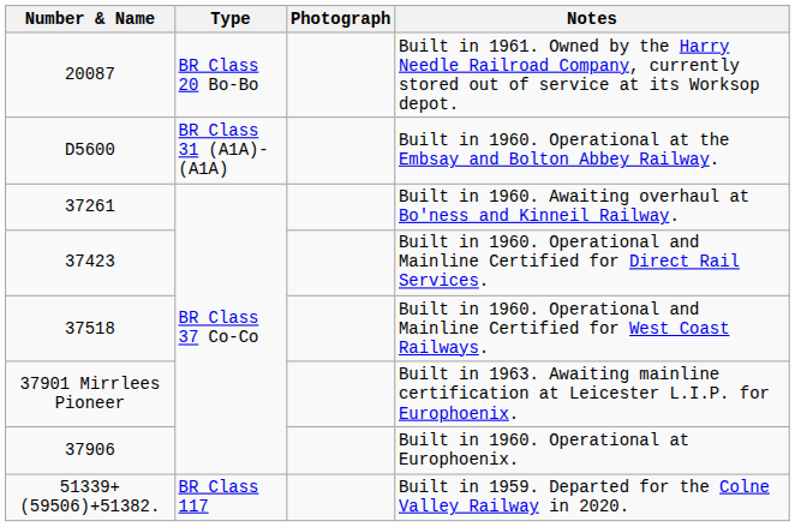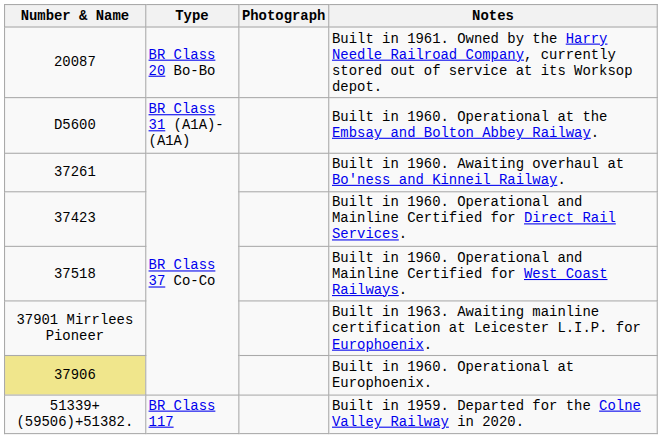 <table class="wikitable">
 <tr>
 <th>Number & Name</th>
 <th>Type</th>
 <th>Photograph</th>
 <th>Notes</th>
 </tr>
 <tr>
 <td align="center">20087</td>
 <td><a href='#'>BR Class 20</a> Bo-Bo</td>
 <td></td>
 <td>Built in 1961. Owned by the <a href='#'>Harry Needle Railroad Company</a>, currently stored out of service at its Worksop depot.</td>
 </tr>
 <tr>
 <td align="center">D5600</td>
 <td><a href='#'>BR Class 31</a> 	(A1A)-(A1A)</td>
 <td></td>
 <td>Built in 1960. Operational at the <a href='#'>Embsay and Bolton Abbey Railway</a>.</td>
 </tr>
 <tr>
 <td align="center">37261</td>
 <td rowspan="5"><a href='#'>BR Class 37</a> Co-Co</td>
 <td></td>
 <td>Built in 1960. Awaiting overhaul at <a href='#'>Bo'ness and Kinneil Railway</a>.</td>
 </tr>
 <tr>
 <td align="center">37423</td>
 <td></td>
 <td>Built in 1960. Operational and Mainline Certified for <a href='#'>Direct Rail Services</a>.</td>
 </tr>
 <tr>
 <td align="center">37518</td>
 <td></td>
 <td>Built in 1960. Operational and Mainline Certified for <a href='#'>West Coast Railways</a>.</td>
 </tr>
 <tr>
 <td align="center">37901 Mirrlees Pioneer</td>
 <td></td>
 <td>Built in 1963. Awaiting mainline certification at Leicester L.I.P. for <a href='#'>Europhoenix</a>.</td>
 </tr>
 <tr>
-<td align="center">37906</td>
+<td align="center" style="background: khaki;">37906</td>
 <td></td>
 <td>Built in 1960. Operational at Europhoenix.</td>
 </tr>
 <tr>
 <td align="center">51339+(59506)+51382.</td>
 <td><a href='#'>BR Class 117</a></td>
 <td></td>
 <td>Built in 1959. Departed for the <a href='#'>Colne Valley Railway</a> in 2020.</td>
 </tr>
 </table>
